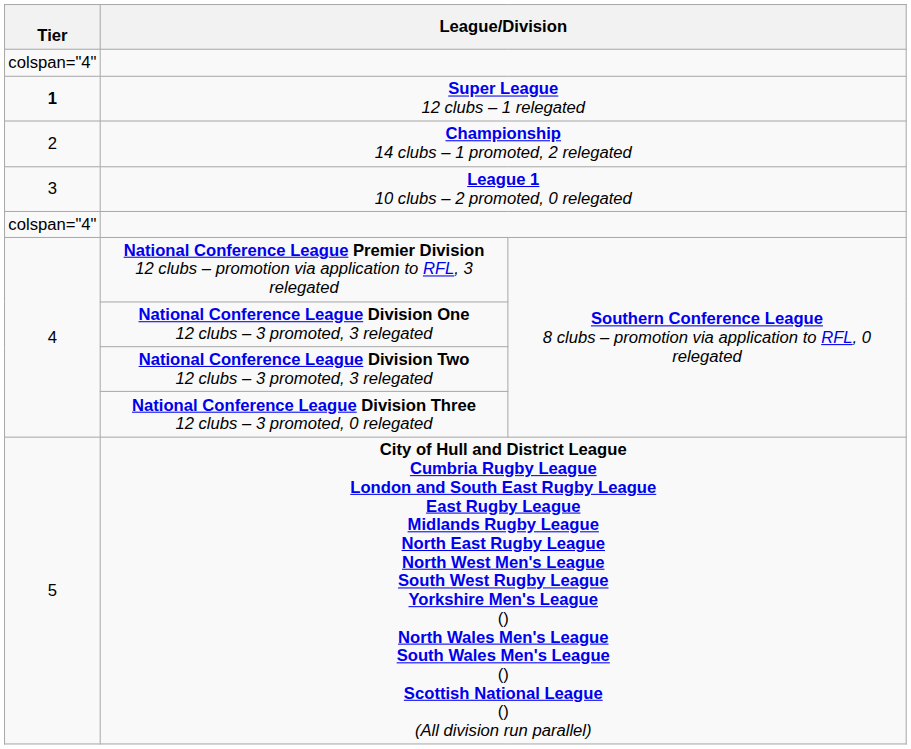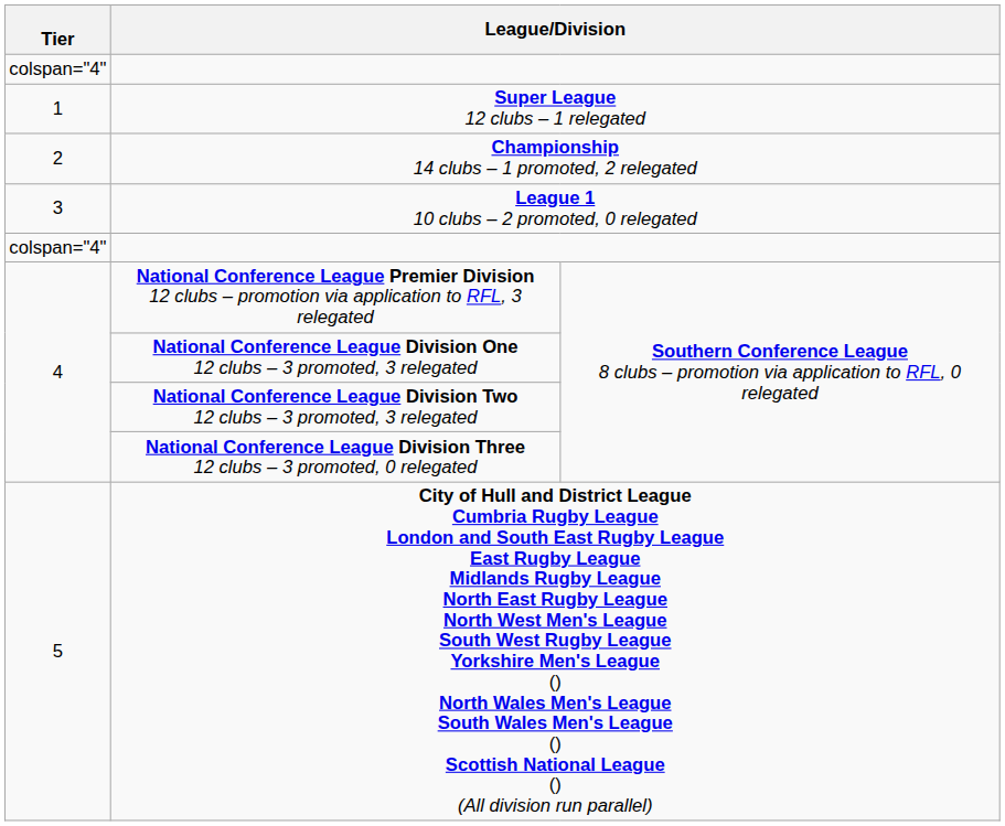 <table class="wikitable" style="text-align: center;">
 <tr>
 <th style="width:4%;"><br>Tier</th>
 <th colspan="3">League/Division</th>
 </tr>
 <tr>
 <td>colspan="4"</td>
 </tr>
 <tr>
-<td><strong>1</strong></td>
+<td>1</td>
 <td colspan="2"><strong><a href='#'>Super League</a></strong><br><em>12 clubs – 1 relegated</em></td>
 </tr>
 <tr>
 <td>2</td>
 <td colspan="2"><strong> <a href='#'>Championship</a></strong><br><em>14 clubs – 1 promoted, 2 relegated</em></td>
 </tr>
 <tr>
 <td>3</td>
 <td colspan="2"><strong> <a href='#'>League 1</a></strong><br><em>10 clubs – 2 promoted, 0 relegated</em></td>
 </tr>
 <tr>
 <td>colspan="4"</td>
 </tr>
 <tr>
 <td rowspan="4">4</td>
 <td><strong><a href='#'>National Conference League</a> Premier Division</strong><br><em>12 clubs – promotion via application to <a href='#'>RFL</a>, 3 relegated</em></td>
 <td rowspan="4"><strong><a href='#'>Southern Conference League</a></strong><br><em>8 clubs – promotion via application to <a href='#'>RFL</a>, 0 relegated</em></td>
 </tr>
 <tr>
 <td><strong><a href='#'>National Conference League</a> Division One</strong><br><em>12 clubs – 3 promoted, 3 relegated</em></td>
 </tr>
 <tr>
 <td><strong><a href='#'>National Conference League</a> Division Two</strong><br><em>12 clubs – 3 promoted, 3 relegated</em></td>
 </tr>
 <tr>
 <td><strong><a href='#'>National Conference League</a> Division Three</strong><br><em>12 clubs – 3 promoted, 0 relegated</em></td>
 </tr>
 <tr>
 <td>5</td>
 <td colspan="4"><strong>City of Hull and District League</strong><br><strong><a href='#'>Cumbria Rugby League</a></strong><br><strong><a href='#'>London and South East Rugby League</a></strong><br><strong><a href='#'>East Rugby League</a></strong><br><strong><a href='#'>Midlands Rugby League</a></strong><br><strong><a href='#'>North East Rugby League</a></strong><br><strong><a href='#'>North West Men's League</a></strong><br><strong><a href='#'>South West Rugby League</a></strong><br><strong><a href='#'>Yorkshire Men's League</a></strong><br>()<br><strong><a href='#'>North Wales Men's League</a></strong><br><strong><a href='#'>South Wales Men's League</a></strong><br>()<br><strong><a href='#'>Scottish National League</a></strong><br>()<br><em>(All division run parallel)</em></td>
 </tr>
 </table>
